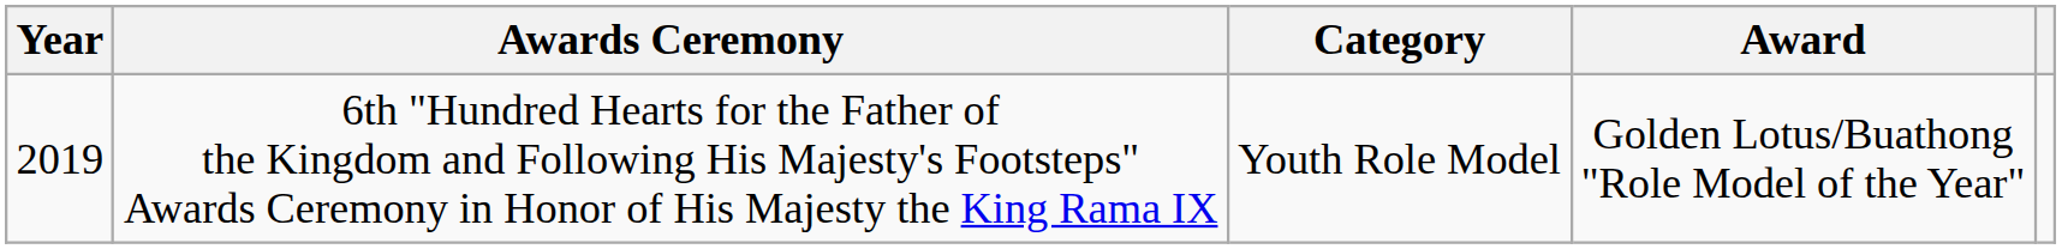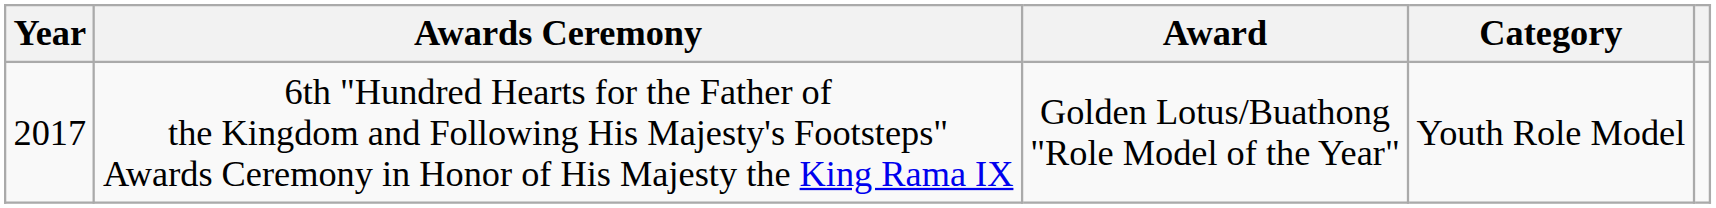 <table class="wikitable">
 <tr>
 <th>Year</th>
 <th>Awards Ceremony</th>
+<th>Award</th>
 <th>Category</th>
-<th>Award</th>
 <th></th>
 </tr>
 <tr>
-<td style="text-align: center;">2019</td>
+<td style="text-align: center;">2017</td>
 <td style="text-align: center;">6th "Hundred Hearts for the Father of<br>the Kingdom and Following His Majesty's Footsteps"<br>Awards Ceremony in Honor of His Majesty the <a href='#'>King Rama IX</a></td>
+<td style="text-align: center;">Golden Lotus/Buathong<br>"Role Model of the Year"</td>
 <td style="text-align: center;">Youth Role Model</td>
-<td style="text-align: center;">Golden Lotus/Buathong<br>"Role Model of the Year"</td>
 <td></td>
 </tr>
 </table>
